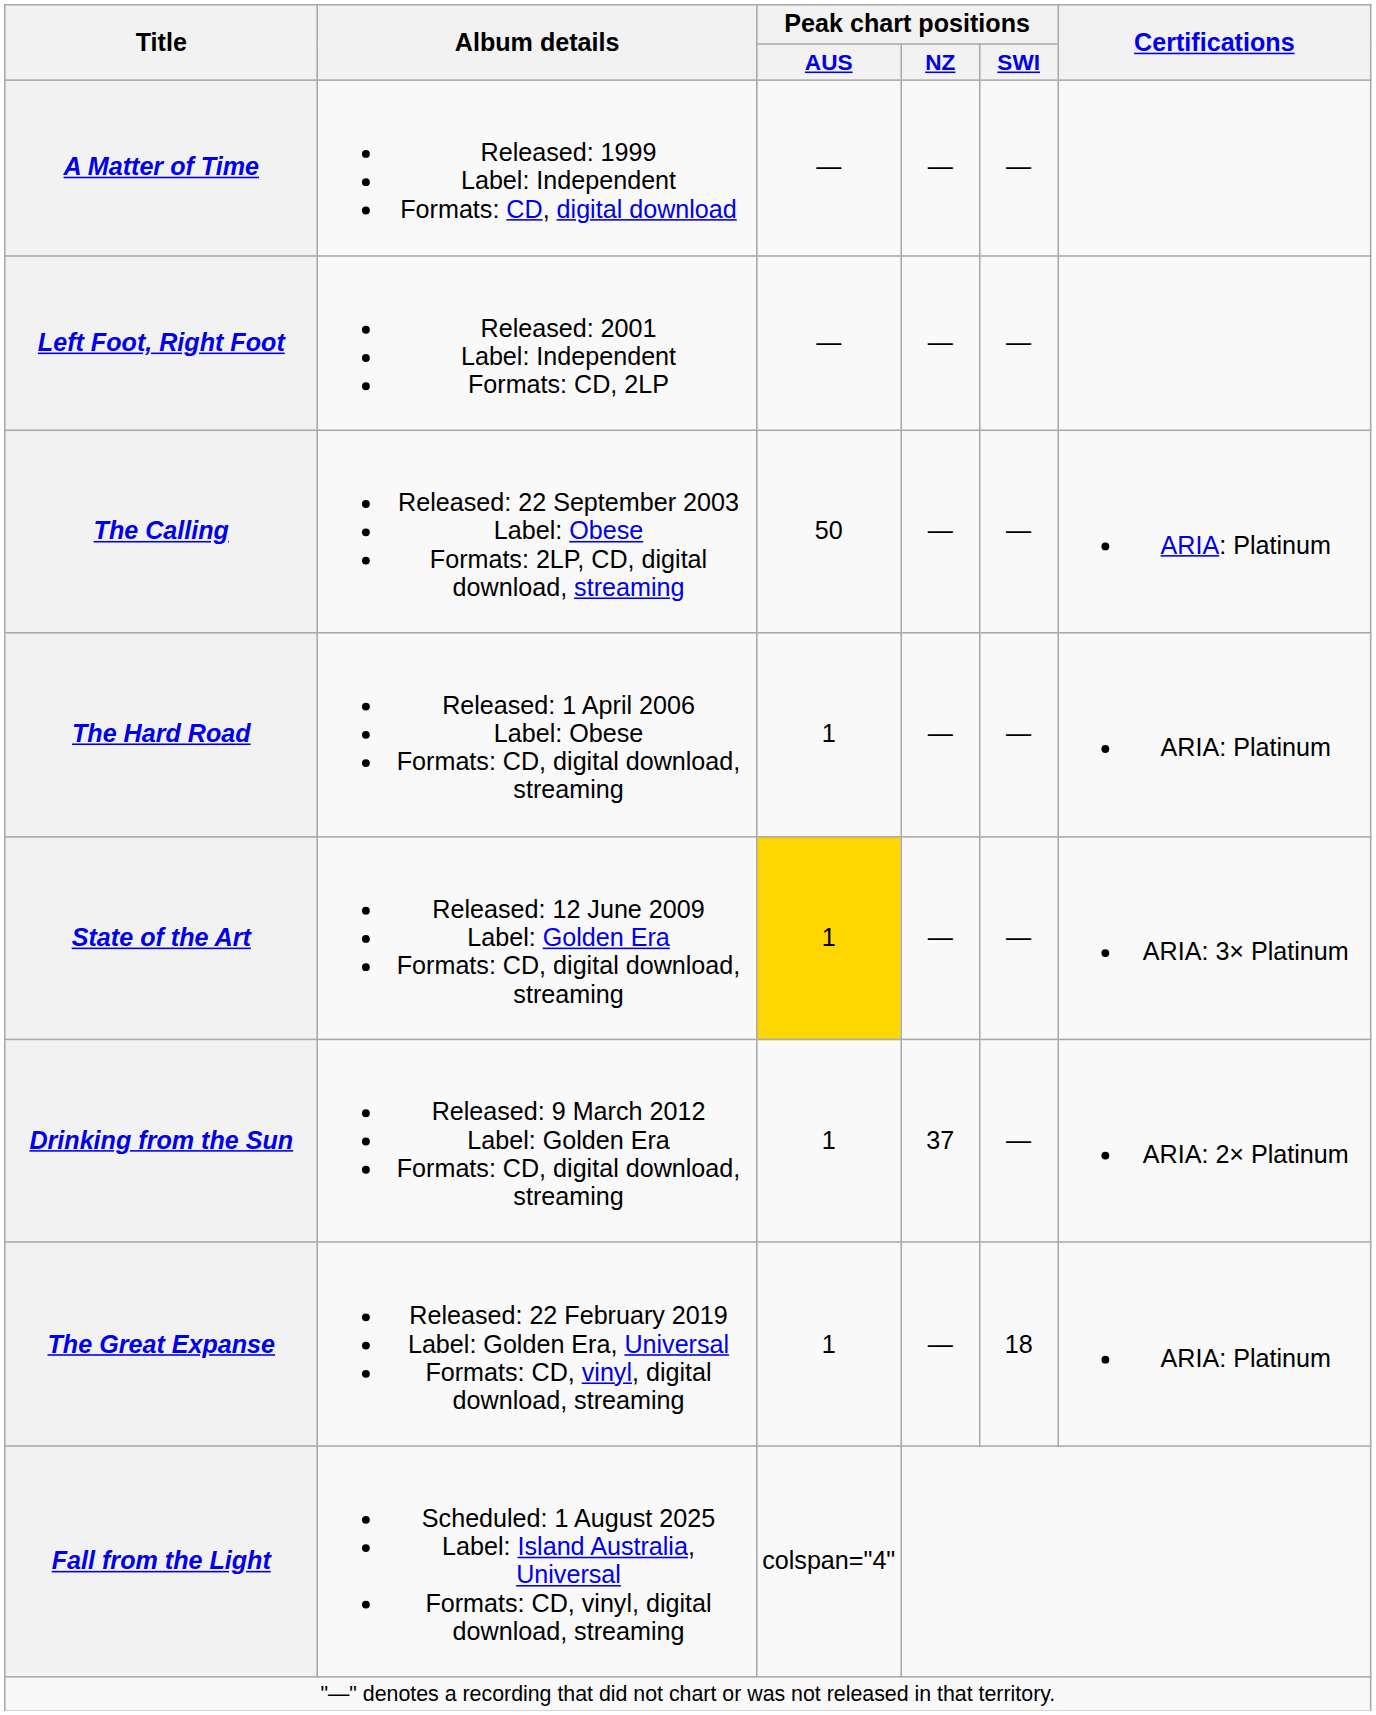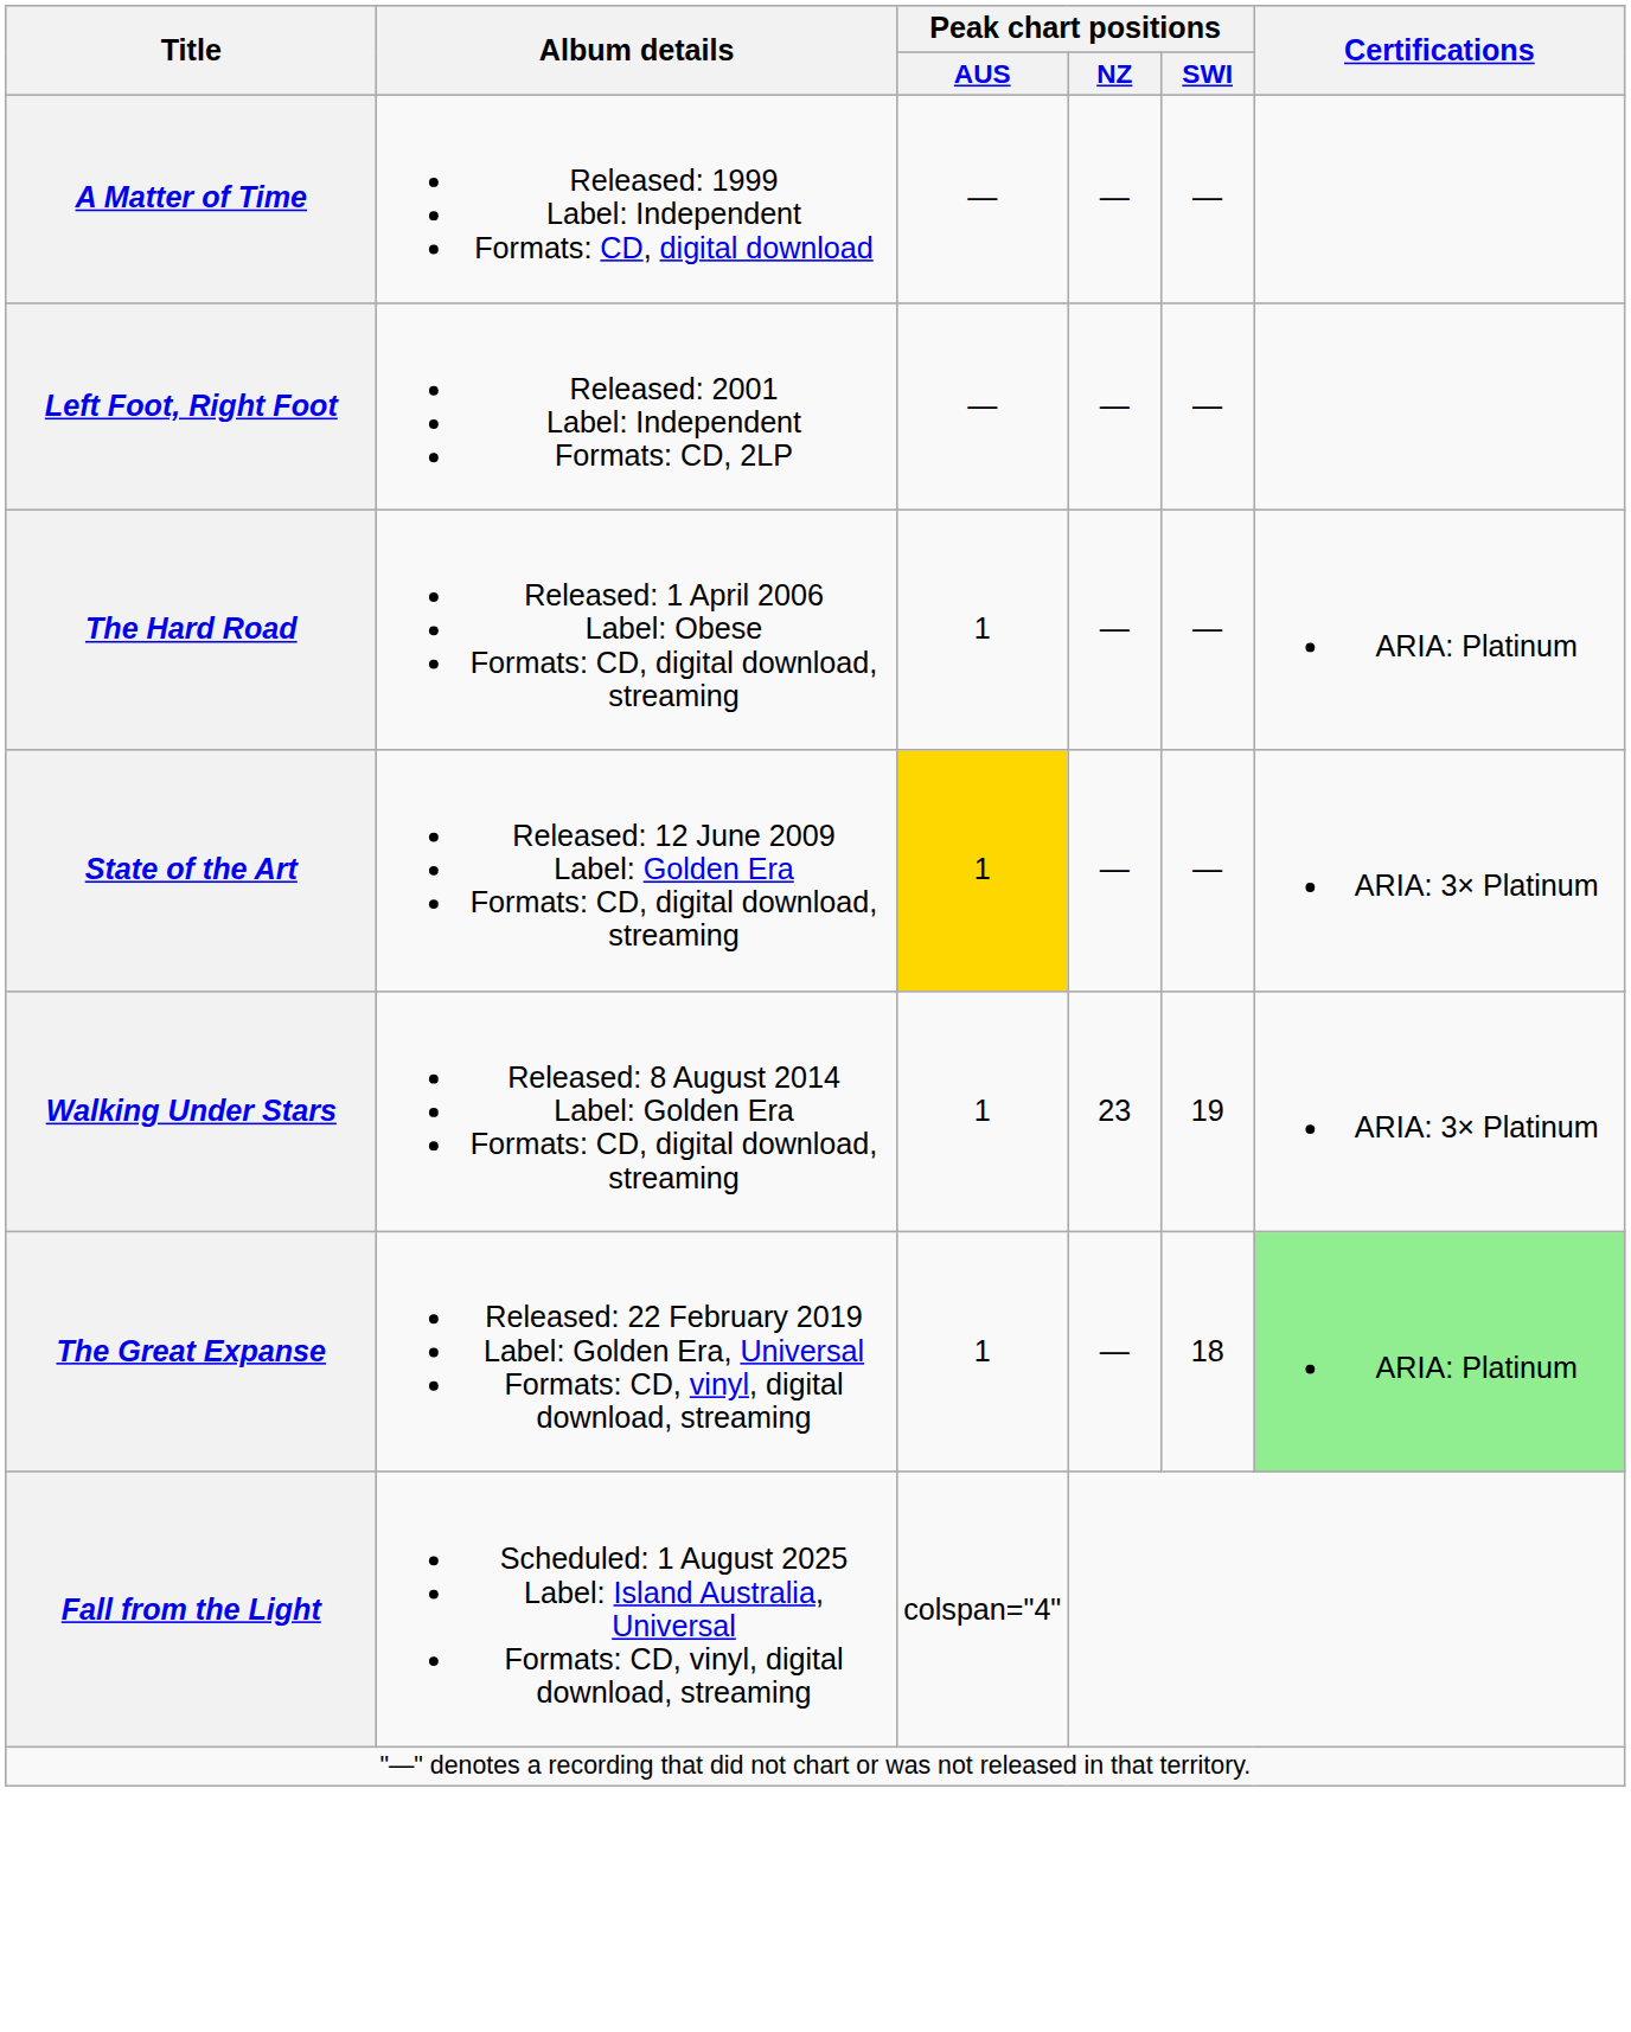 <table class="wikitable plainrowheaders" style="text-align:center;" border="1">
 <tr>
 <th scope="col" rowspan="2" style="width:12em;">Title</th>
 <th scope="col" rowspan="2" style="width:17em;">Album details</th>
 <th scope="col" colspan="3">Peak chart positions</th>
 <th scope="col" rowspan="2" style="width:12em;"><a href='#'>Certifications</a></th>
 </tr>
 <tr>
 <th scope="col" style="width:3em; font-size:90%;"><a href='#'>AUS</a><br></th>
 <th scope="col" style="width:3em; font-size:90%;"><a href='#'>NZ</a><br></th>
 <th scope="col" style="width:3em; font-size:90%;"><a href='#'>SWI</a><br></th>
 </tr>
 <tr>
 <th scope="row"><em><a href='#'>A Matter of Time</a></em></th>
 <td><br><ul><li>Released: 1999</li><li>Label: Independent</li><li>Formats: <a href='#'>CD</a>, <a href='#'>digital download</a></li></ul></td>
 <td>—</td>
 <td>—</td>
 <td>—</td>
 <td></td>
 </tr>
 <tr>
 <th scope="row"><em><a href='#'>Left Foot, Right Foot</a></em></th>
 <td><br><ul><li>Released: 2001</li><li>Label: Independent</li><li>Formats: CD, 2LP</li></ul></td>
 <td>—</td>
 <td>—</td>
 <td>—</td>
 <td></td>
 </tr>
 <tr>
-<th scope="row"><em><a href='#'>The Calling</a></em></th>
-<td><br><ul><li>Released: 22 September 2003</li><li>Label: <a href='#'>Obese</a></li><li>Formats: 2LP, CD, digital download, <a href='#'>streaming</a></li></ul></td>
-<td>50</td>
-<td>—</td>
-<td>—</td>
-<td><br><ul><li><a href='#'>ARIA</a>: Platinum</li></ul></td>
-</tr>
-<tr>
 <th scope="row"><em><a href='#'>The Hard Road</a></em></th>
 <td><br><ul><li>Released: 1 April 2006</li><li>Label: Obese</li><li>Formats: CD, digital download, streaming</li></ul></td>
 <td>1</td>
 <td>—</td>
 <td>—</td>
 <td><br><ul><li>ARIA: Platinum</li></ul></td>
 </tr>
 <tr>
 <th scope="row"><em><a href='#'>State of the Art</a></em></th>
 <td><br><ul><li>Released: 12 June 2009</li><li>Label: <a href='#'>Golden Era</a></li><li>Formats: CD, digital download, streaming</li></ul></td>
 <td style="background: gold;">1</td>
 <td>—</td>
 <td>—</td>
 <td><br><ul><li>ARIA: 3× Platinum</li></ul></td>
 </tr>
 <tr>
-<th scope="row"><em><a href='#'>Drinking from the Sun</a></em></th>
-<td><br><ul><li>Released: 9 March 2012</li><li>Label: Golden Era</li><li>Formats: CD, digital download, streaming</li></ul></td>
+<th scope="row"><em><a href='#'>Walking Under Stars</a></em></th>
+<td><br><ul><li>Released: 8 August 2014</li><li>Label: Golden Era</li><li>Formats: CD, digital download, streaming</li></ul></td>
 <td>1</td>
-<td>37</td>
-<td>—</td>
-<td><br><ul><li>ARIA: 2× Platinum</li></ul></td>
+<td>23</td>
+<td>19</td>
+<td><br><ul><li>ARIA: 3× Platinum</li></ul></td>
 </tr>
 <tr>
 <th scope="row"><em><a href='#'>The Great Expanse</a></em></th>
 <td><br><ul><li>Released: 22 February 2019</li><li>Label: Golden Era, <a href='#'>Universal</a></li><li>Formats: CD, <a href='#'>vinyl</a>, digital download, streaming</li></ul></td>
 <td>1</td>
 <td>—</td>
 <td>18</td>
-<td><br><ul><li>ARIA: Platinum</li></ul></td>
+<td style="background: lightgreen;"><br><ul><li>ARIA: Platinum</li></ul></td>
 </tr>
 <tr>
 <th scope="row"><em><a href='#'>Fall from the Light</a></em></th>
 <td><br><ul><li>Scheduled: 1 August 2025</li><li>Label: <a href='#'>Island Australia</a>, <a href='#'>Universal</a></li><li>Formats: CD, vinyl, digital download, streaming</li></ul></td>
 <td>colspan="4" </td>
 </tr>
 <tr>
 <td colspan="6" style="font-size:85%">"—" denotes a recording that did not chart or was not released in that territory.</td>
 </tr>
 </table>
